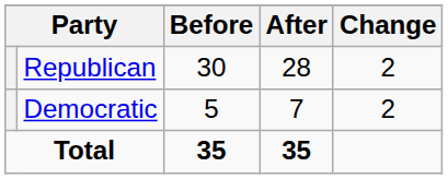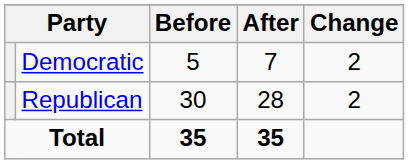 <table class="wikitable" style="text-align:center;">
 <tr>
 </tr>
 <tr>
 <th colspan=2>Party</th>
 <th>Before</th>
 <th>After</th>
 <th>Change</th>
 </tr>
 <tr>
 <th style="background-color:"></th>
-<td style="text-align:left;"><a href='#'>Republican</a></td>
-<td>30</td>
-<td>28</td>
+<td style="text-align:left;"><a href='#'>Democratic</a></td>
+<td>5</td>
+<td>7</td>
 <td> 2</td>
 </tr>
 <tr>
 <th style="background-color:"></th>
-<td style="text-align:left;"><a href='#'>Democratic</a></td>
-<td>5</td>
-<td>7</td>
+<td style="text-align:left;"><a href='#'>Republican</a></td>
+<td>30</td>
+<td>28</td>
 <td> 2</td>
 </tr>
 <tr>
 <td colspan=2><strong>Total</strong></td>
 <td><strong>35</strong></td>
 <td><strong>35</strong></td>
 <td></td>
 </tr>
 </table>
